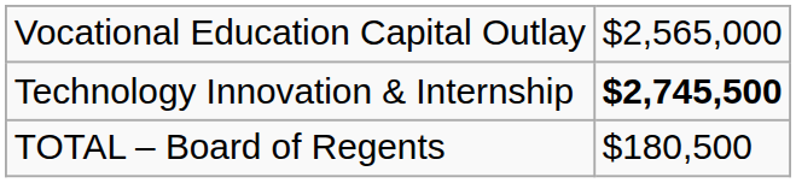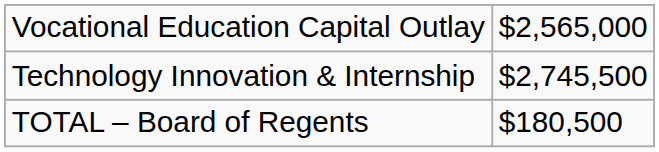 <table class="wikitable">
 <tr>
 <td>Vocational Education Capital Outlay</td>
 <td>$2,565,000</td>
 </tr>
 <tr>
 <td>Technology Innovation & Internship</td>
-<td><strong>$2,745,500</strong></td>
+<td>$2,745,500</td>
 </tr>
 <tr>
 <td>TOTAL – Board of Regents</td>
 <td>$180,500</td>
 </tr>
 </table>
